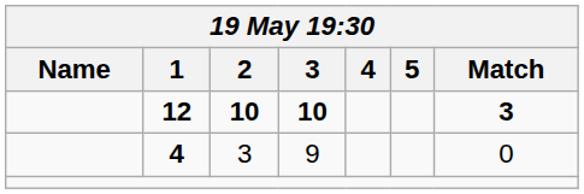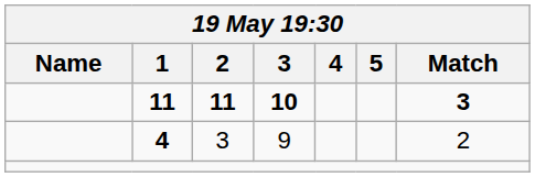 <table class=wikitable style="text-align:center; width: 55%">
 <tr>
 <th colspan=17><em>19 May 19:30</em></th>
 </tr>
 <tr>
 <th>Name</th>
 <th>1</th>
 <th>2</th>
 <th>3</th>
 <th>4</th>
 <th>5</th>
 <th>Match</th>
 </tr>
 <tr>
 <td style="text-align:left;"><strong></strong></td>
-<td><strong>12</strong></td>
-<td><strong>10</strong></td>
+<td><strong>11</strong></td>
+<td><strong>11</strong></td>
 <td><strong>10</strong></td>
 <td></td>
 <td></td>
 <td><strong>3</strong></td>
 </tr>
 <tr>
 <td style="text-align:left;"></td>
 <td><strong>4</strong></td>
 <td>3</td>
 <td>9</td>
 <td></td>
 <td></td>
-<td>0</td>
+<td>2</td>
 </tr>
 <tr>
 <td colspan=17></td>
 </tr>
 </table>
